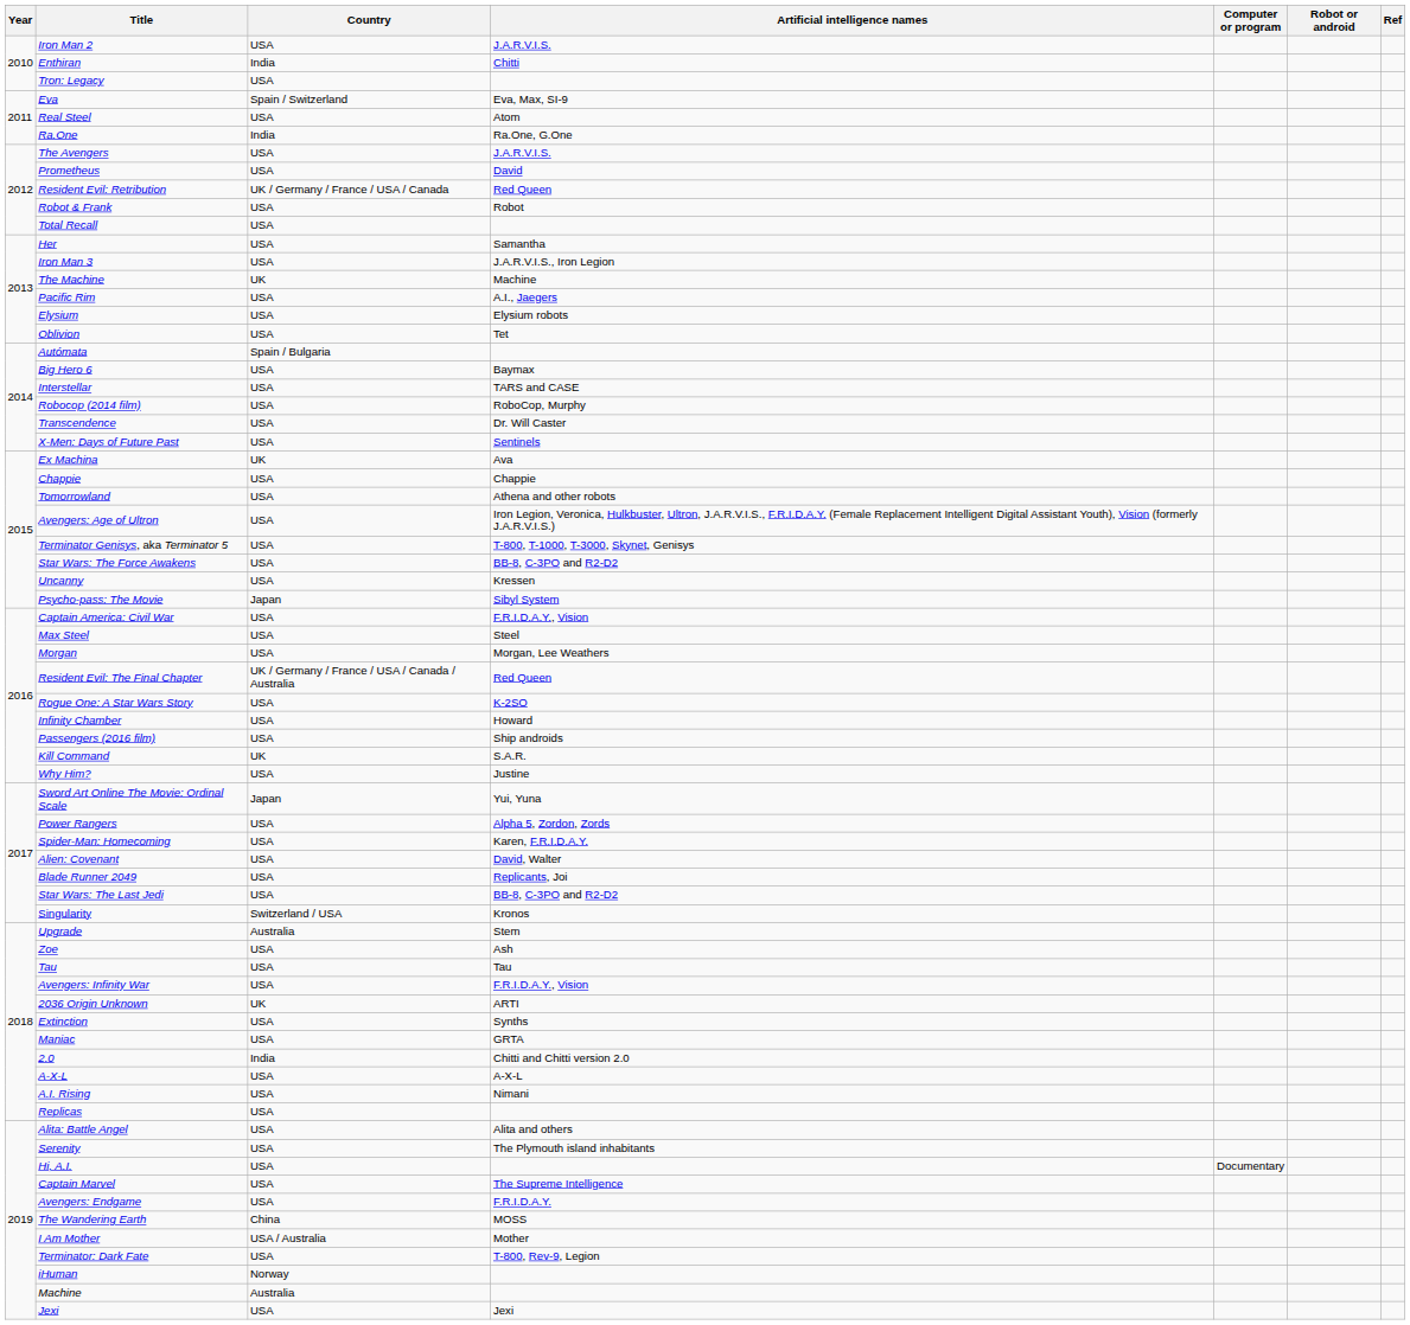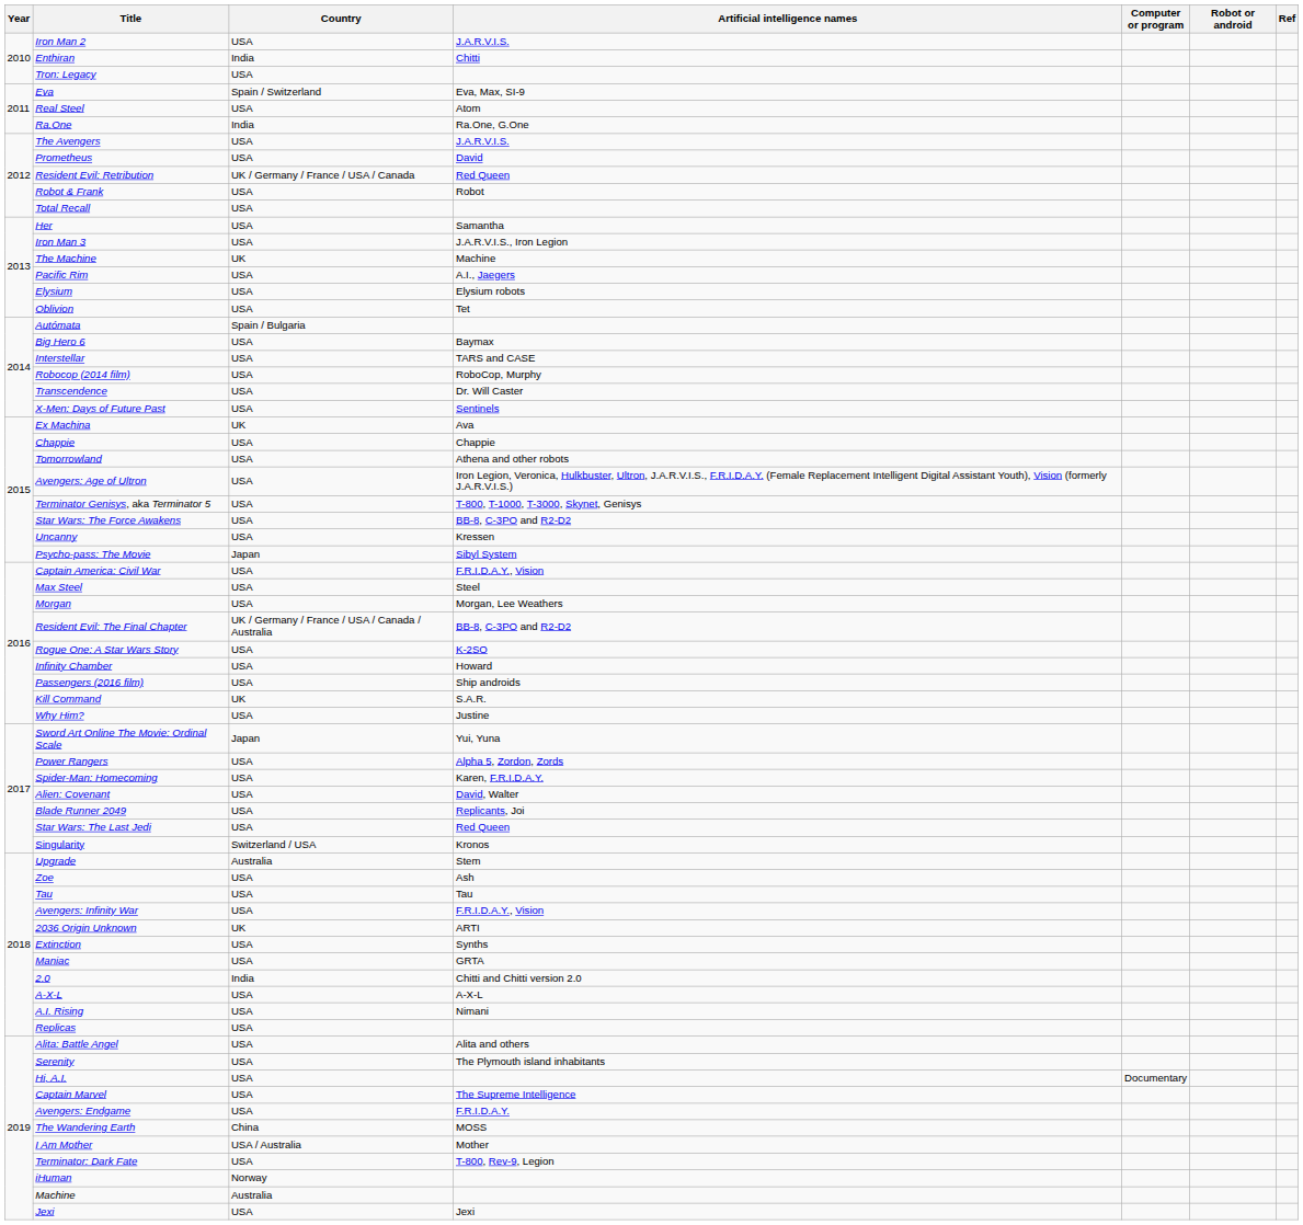 <table class="wikitable sortable mw-datatable">
 <tr>
 <th>Year</th>
 <th>Title</th>
 <th>Country</th>
 <th>Artificial intelligence names</th>
 <th>Computer<br>or program</th>
 <th>Robot or android</th>
 <th>Ref</th>
 </tr>
 <tr>
 <td rowspan="3">2010</td>
 <td><em><a href='#'>Iron Man 2</a></em></td>
 <td>USA</td>
 <td><a href='#'>J.A.R.V.I.S.</a></td>
 <td></td>
 <td></td>
 <td></td>
 </tr>
 <tr>
 <td><em><a href='#'>Enthiran</a></em></td>
 <td>India</td>
 <td><a href='#'>Chitti</a></td>
 <td></td>
 <td></td>
 <td></td>
 </tr>
 <tr>
 <td><em><a href='#'>Tron: Legacy</a></em></td>
 <td>USA</td>
 <td></td>
 <td></td>
 <td></td>
 <td></td>
 </tr>
 <tr>
 <td rowspan="3">2011</td>
 <td><em><a href='#'>Eva</a></em></td>
 <td>Spain / Switzerland</td>
 <td>Eva, Max, SI-9</td>
 <td></td>
 <td></td>
 <td></td>
 </tr>
 <tr>
 <td><em><a href='#'>Real Steel</a></em></td>
 <td>USA</td>
 <td>Atom</td>
 <td></td>
 <td></td>
 <td></td>
 </tr>
 <tr>
 <td><em><a href='#'>Ra.One</a></em></td>
 <td>India</td>
 <td>Ra.One, G.One</td>
 <td></td>
 <td></td>
 <td></td>
 </tr>
 <tr>
 <td rowspan="5">2012</td>
 <td><em><a href='#'>The Avengers</a></em></td>
 <td>USA</td>
 <td><a href='#'>J.A.R.V.I.S.</a></td>
 <td></td>
 <td></td>
 <td></td>
 </tr>
 <tr>
 <td><em><a href='#'>Prometheus</a></em></td>
 <td>USA</td>
 <td><a href='#'>David</a></td>
 <td></td>
 <td></td>
 <td></td>
 </tr>
 <tr>
 <td><em><a href='#'>Resident Evil: Retribution</a></em></td>
 <td>UK / Germany / France / USA / Canada</td>
 <td><a href='#'>Red Queen</a></td>
 <td></td>
 <td></td>
 <td></td>
 </tr>
 <tr>
 <td><em><a href='#'>Robot & Frank</a></em></td>
 <td>USA</td>
 <td>Robot</td>
 <td></td>
 <td></td>
 <td></td>
 </tr>
 <tr>
 <td><em><a href='#'>Total Recall</a></em></td>
 <td>USA</td>
 <td></td>
 <td></td>
 <td></td>
 <td></td>
 </tr>
 <tr>
 <td rowspan="6">2013</td>
 <td><em><a href='#'>Her</a></em></td>
 <td>USA</td>
 <td>Samantha</td>
 <td></td>
 <td></td>
 <td></td>
 </tr>
 <tr>
 <td><em><a href='#'>Iron Man 3</a></em></td>
 <td>USA</td>
 <td>J.A.R.V.I.S., Iron Legion</td>
 <td></td>
 <td></td>
 <td></td>
 </tr>
 <tr>
 <td><em><a href='#'>The Machine</a></em></td>
 <td>UK</td>
 <td>Machine</td>
 <td></td>
 <td></td>
 <td></td>
 </tr>
 <tr>
 <td><em><a href='#'>Pacific Rim</a></em></td>
 <td>USA</td>
 <td>A.I., <a href='#'>Jaegers</a></td>
 <td></td>
 <td></td>
 <td></td>
 </tr>
 <tr>
 <td><em><a href='#'>Elysium</a></em></td>
 <td>USA</td>
 <td>Elysium robots</td>
 <td></td>
 <td></td>
 <td></td>
 </tr>
 <tr>
 <td><em><a href='#'>Oblivion</a></em></td>
 <td>USA</td>
 <td>Tet</td>
 <td></td>
 <td></td>
 <td></td>
 </tr>
 <tr>
 <td rowspan="6">2014</td>
 <td><em><a href='#'>Autómata</a></em></td>
 <td>Spain / Bulgaria</td>
 <td></td>
 <td></td>
 <td></td>
 <td></td>
 </tr>
 <tr>
 <td><em><a href='#'>Big Hero 6</a></em></td>
 <td>USA</td>
 <td>Baymax</td>
 <td></td>
 <td></td>
 <td></td>
 </tr>
 <tr>
 <td><em><a href='#'>Interstellar</a></em></td>
 <td>USA</td>
 <td>TARS and CASE</td>
 <td></td>
 <td></td>
 <td></td>
 </tr>
 <tr>
 <td><em><a href='#'>Robocop (2014 film)</a></em></td>
 <td>USA</td>
 <td>RoboCop, Murphy</td>
 <td></td>
 <td></td>
 <td></td>
 </tr>
 <tr>
 <td><em><a href='#'>Transcendence</a></em></td>
 <td>USA</td>
 <td>Dr. Will Caster</td>
 <td></td>
 <td></td>
 <td></td>
 </tr>
 <tr>
 <td><em><a href='#'>X-Men: Days of Future Past</a></em></td>
 <td>USA</td>
 <td><a href='#'>Sentinels</a></td>
 <td></td>
 <td></td>
 <td></td>
 </tr>
 <tr>
 <td rowspan="8">2015</td>
 <td><em><a href='#'>Ex Machina</a></em></td>
 <td>UK</td>
 <td>Ava</td>
 <td></td>
 <td></td>
 <td></td>
 </tr>
 <tr>
 <td><em><a href='#'>Chappie</a></em></td>
 <td>USA</td>
 <td>Chappie</td>
 <td></td>
 <td></td>
 <td></td>
 </tr>
 <tr>
 <td><em><a href='#'>Tomorrowland</a></em></td>
 <td>USA</td>
 <td>Athena and other robots</td>
 <td></td>
 <td></td>
 <td></td>
 </tr>
 <tr>
 <td><em><a href='#'>Avengers: Age of Ultron</a></em></td>
 <td>USA</td>
 <td>Iron Legion, Veronica, <a href='#'>Hulkbuster</a>, <a href='#'>Ultron</a>, J.A.R.V.I.S., <a href='#'>F.R.I.D.A.Y.</a> (Female Replacement Intelligent Digital Assistant Youth), <a href='#'>Vision</a> (formerly J.A.R.V.I.S.)</td>
 <td></td>
 <td></td>
 <td></td>
 </tr>
 <tr>
 <td><em><a href='#'>Terminator Genisys</a></em>, aka <em>Terminator 5</em></td>
 <td>USA</td>
 <td><a href='#'>T-800</a>, <a href='#'>T-1000</a>, <a href='#'>T-3000</a>, <a href='#'>Skynet</a>, Genisys</td>
 <td></td>
 <td></td>
 <td></td>
 </tr>
 <tr>
 <td><em><a href='#'>Star Wars: The Force Awakens</a></em></td>
 <td>USA</td>
 <td><a href='#'>BB-8</a>, <a href='#'>C-3PO</a> and <a href='#'>R2-D2</a></td>
 <td></td>
 <td></td>
 <td></td>
 </tr>
 <tr>
 <td><em><a href='#'>Uncanny</a></em></td>
 <td>USA</td>
 <td>Kressen</td>
 <td></td>
 <td></td>
 <td></td>
 </tr>
 <tr>
 <td><em><a href='#'>Psycho-pass: The Movie</a></em></td>
 <td>Japan</td>
 <td><a href='#'>Sibyl System</a></td>
 <td></td>
 <td></td>
 <td></td>
 </tr>
 <tr>
 <td rowspan="9">2016</td>
 <td><em><a href='#'>Captain America: Civil War</a></em></td>
 <td>USA</td>
 <td><a href='#'>F.R.I.D.A.Y.</a>, <a href='#'>Vision</a></td>
 <td></td>
 <td></td>
 <td></td>
 </tr>
 <tr>
 <td><em><a href='#'>Max Steel</a></em></td>
 <td>USA</td>
 <td>Steel</td>
 <td></td>
 <td></td>
 <td></td>
 </tr>
 <tr>
 <td><em><a href='#'>Morgan</a></em></td>
 <td>USA</td>
 <td>Morgan, Lee Weathers</td>
 <td></td>
 <td></td>
 <td></td>
 </tr>
 <tr>
 <td><em><a href='#'>Resident Evil: The Final Chapter</a></em></td>
 <td>UK / Germany / France / USA / Canada / Australia</td>
-<td><a href='#'>Red Queen</a></td>
+<td><a href='#'>BB-8</a>, <a href='#'>C-3PO</a> and <a href='#'>R2-D2</a></td>
 <td></td>
 <td></td>
 <td></td>
 </tr>
 <tr>
 <td><em><a href='#'>Rogue One: A Star Wars Story</a></em></td>
 <td>USA</td>
 <td><a href='#'>K-2SO</a></td>
 <td></td>
 <td></td>
 <td></td>
 </tr>
 <tr>
 <td><em><a href='#'>Infinity Chamber</a></em></td>
 <td>USA</td>
 <td>Howard</td>
 <td></td>
 <td></td>
 <td></td>
 </tr>
 <tr>
 <td><em><a href='#'>Passengers (2016 film)</a></em></td>
 <td>USA</td>
 <td>Ship androids</td>
 <td></td>
 <td></td>
 <td></td>
 </tr>
 <tr>
 <td><em><a href='#'>Kill Command</a></em></td>
 <td>UK</td>
 <td>S.A.R.</td>
 <td></td>
 <td></td>
 <td></td>
 </tr>
 <tr>
 <td><em><a href='#'>Why Him?</a></em></td>
 <td>USA</td>
 <td>Justine</td>
 <td></td>
 <td></td>
 <td></td>
 </tr>
 <tr>
 <td rowspan="7">2017</td>
 <td><em><a href='#'>Sword Art Online The Movie: Ordinal Scale</a></em></td>
 <td>Japan</td>
 <td>Yui, Yuna</td>
 <td></td>
 <td></td>
 <td></td>
 </tr>
 <tr>
 <td><em><a href='#'>Power Rangers</a></em></td>
 <td>USA</td>
 <td><a href='#'>Alpha 5</a>, <a href='#'>Zordon</a>, <a href='#'>Zords</a></td>
 <td></td>
 <td></td>
 <td></td>
 </tr>
 <tr>
 <td><em><a href='#'>Spider-Man: Homecoming</a></em></td>
 <td>USA</td>
 <td>Karen, <a href='#'>F.R.I.D.A.Y.</a></td>
 <td></td>
 <td></td>
 <td></td>
 </tr>
 <tr>
 <td><em><a href='#'>Alien: Covenant</a></em></td>
 <td>USA</td>
 <td><a href='#'>David</a>, Walter</td>
 <td></td>
 <td></td>
 <td></td>
 </tr>
 <tr>
 <td><em><a href='#'>Blade Runner 2049</a></em></td>
 <td>USA</td>
 <td><a href='#'>Replicants</a>, Joi</td>
 <td></td>
 <td></td>
 <td></td>
 </tr>
 <tr>
 <td><em><a href='#'>Star Wars: The Last Jedi</a></em></td>
 <td>USA</td>
-<td><a href='#'>BB-8</a>, <a href='#'>C-3PO</a> and <a href='#'>R2-D2</a></td>
+<td><a href='#'>Red Queen</a></td>
 <td></td>
 <td></td>
 <td></td>
 </tr>
 <tr>
 <td><a href='#'>Singularity</a></td>
 <td>Switzerland / USA</td>
 <td>Kronos</td>
 <td></td>
 <td></td>
 <td></td>
 </tr>
 <tr>
 <td rowspan="11">2018</td>
 <td><em><a href='#'>Upgrade</a></em></td>
 <td>Australia</td>
 <td>Stem</td>
 <td></td>
 <td></td>
 <td></td>
 </tr>
 <tr>
 <td><em><a href='#'>Zoe</a></em></td>
 <td>USA</td>
 <td>Ash</td>
 <td></td>
 <td></td>
 <td></td>
 </tr>
 <tr>
 <td><em><a href='#'>Tau</a></em></td>
 <td>USA</td>
 <td>Tau</td>
 <td></td>
 <td></td>
 <td></td>
 </tr>
 <tr>
 <td><em><a href='#'>Avengers: Infinity War</a></em></td>
 <td>USA</td>
 <td><a href='#'>F.R.I.D.A.Y.</a>, <a href='#'>Vision</a></td>
 <td></td>
 <td></td>
 <td></td>
 </tr>
 <tr>
 <td><em><a href='#'>2036 Origin Unknown</a></em></td>
 <td>UK</td>
 <td>ARTI</td>
 <td></td>
 <td></td>
 <td></td>
 </tr>
 <tr>
 <td><em><a href='#'>Extinction</a></em></td>
 <td>USA</td>
 <td>Synths</td>
 <td></td>
 <td></td>
 <td></td>
 </tr>
 <tr>
 <td><em><a href='#'>Maniac</a></em></td>
 <td>USA</td>
 <td>GRTA</td>
 <td></td>
 <td></td>
 <td></td>
 </tr>
 <tr>
 <td><a href='#'><em>2.0</em></a></td>
 <td>India</td>
 <td>Chitti and Chitti version 2.0</td>
 <td></td>
 <td></td>
 <td></td>
 </tr>
 <tr>
 <td><a href='#'><em>A-X-L</em></a></td>
 <td>USA</td>
 <td>A-X-L</td>
 <td></td>
 <td></td>
 <td></td>
 </tr>
 <tr>
 <td><em><a href='#'>A.I. Rising</a></em></td>
 <td>USA</td>
 <td>Nimani</td>
 <td></td>
 <td></td>
 <td></td>
 </tr>
 <tr>
 <td><a href='#'><em>Replicas</em></a></td>
 <td>USA</td>
 <td></td>
 <td></td>
 <td></td>
 <td></td>
 </tr>
 <tr>
 <td rowspan="11">2019</td>
 <td><em><a href='#'>Alita: Battle Angel</a></em></td>
 <td>USA</td>
 <td>Alita and others</td>
 <td></td>
 <td></td>
 <td></td>
 </tr>
 <tr>
 <td><a href='#'><em>Serenity</em></a></td>
 <td>USA</td>
 <td>The Plymouth island inhabitants</td>
 <td></td>
 <td></td>
 <td></td>
 </tr>
 <tr>
 <td><a href='#'><em>Hi, A.I.</em></a></td>
 <td>USA</td>
 <td></td>
 <td>Documentary</td>
 <td></td>
 <td></td>
 </tr>
 <tr>
 <td><em><a href='#'>Captain Marvel</a></em></td>
 <td>USA</td>
 <td><a href='#'>The Supreme Intelligence</a></td>
 <td></td>
 <td></td>
 <td></td>
 </tr>
 <tr>
 <td><em><a href='#'>Avengers: Endgame</a></em></td>
 <td>USA</td>
 <td><a href='#'>F.R.I.D.A.Y.</a></td>
 <td></td>
 <td></td>
 <td></td>
 </tr>
 <tr>
 <td><em><a href='#'>The Wandering Earth</a></em></td>
 <td>China</td>
 <td>MOSS</td>
 <td></td>
 <td></td>
 <td></td>
 </tr>
 <tr>
 <td><em><a href='#'>I Am Mother</a></em></td>
 <td>USA / Australia</td>
 <td>Mother</td>
 <td></td>
 <td></td>
 <td></td>
 </tr>
 <tr>
 <td><em><a href='#'>Terminator: Dark Fate</a></em></td>
 <td>USA</td>
 <td><a href='#'>T-800</a>, <a href='#'>Rev-9</a>, Legion</td>
 <td></td>
 <td></td>
 <td></td>
 </tr>
 <tr>
 <td><em><a href='#'>iHuman</a></em></td>
 <td>Norway</td>
 <td></td>
 <td></td>
 <td></td>
 <td></td>
 </tr>
 <tr>
 <td><em>Machine</em></td>
 <td>Australia</td>
 <td></td>
 <td></td>
 <td></td>
 <td></td>
 </tr>
 <tr>
 <td><em><a href='#'>Jexi</a></em></td>
 <td>USA</td>
 <td>Jexi</td>
 <td></td>
 <td></td>
 <td></td>
 </tr>
 </table>
